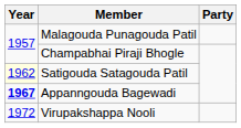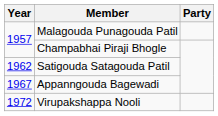 <table class="wikitable">
 <tr>
 <th>Year</th>
 <th>Member</th>
 <th colspan="2">Party</th>
 </tr>
 <tr>
 <td rowspan="2"><a href='#'>1957</a></td>
 <td>Malagouda Punagouda Patil</td>
 <td></td>
 </tr>
 <tr>
 <td>Champabhai Piraji Bhogle</td>
 </tr>
 <tr>
-<td style="background: lightyellow;"><a href='#'>1962</a></td>
+<td><a href='#'>1962</a></td>
 <td>Satigouda Satagouda Patil</td>
 </tr>
 <tr>
-<td><strong><a href='#'>1967</a></strong></td>
+<td><a href='#'>1967</a></td>
 <td>Appanngouda Bagewadi</td>
 </tr>
 <tr>
 <td><a href='#'>1972</a></td>
 <td>Virupakshappa Nooli</td>
 <td></td>
 </tr>
 </table>
